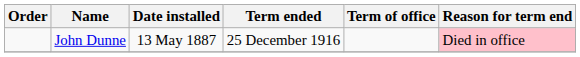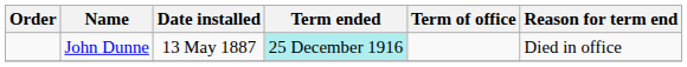 <table class="wikitable">
 <tr>
 <th>Order</th>
 <th>Name</th>
 <th>Date installed</th>
 <th>Term ended</th>
 <th>Term of office</th>
 <th>Reason for term end</th>
 </tr>
 <tr>
 <td align="center"></td>
 <td><a href='#'>John Dunne</a></td>
 <td align="center">13 May 1887</td>
-<td align="center">25 December 1916</td>
+<td align="center" style="background: paleturquoise;">25 December 1916</td>
 <td align="right"></td>
-<td style="background: pink;">Died in office</td>
+<td>Died in office</td>
 </tr>
 <tr>
 </tr>
 </table>
